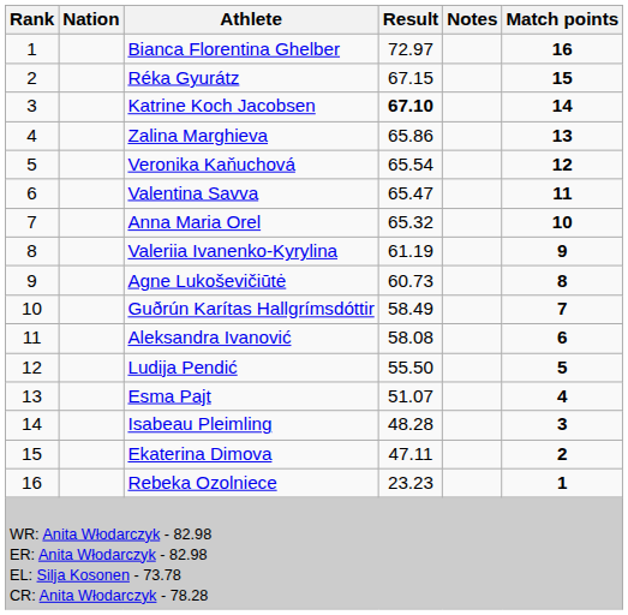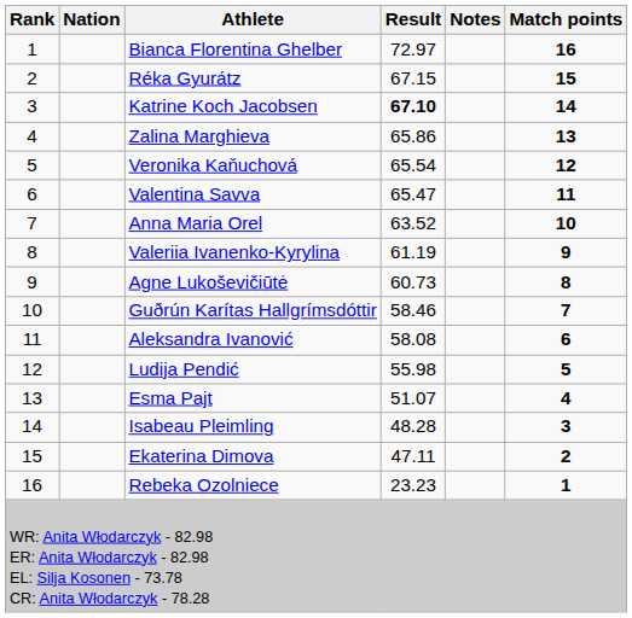 <table class="wikitable sortable" style="text-align:left;">
 <tr>
 <th>Rank</th>
 <th>Nation</th>
 <th>Athlete</th>
 <th>Result</th>
 <th>Notes</th>
 <th>Match points</th>
 </tr>
 <tr>
 <td align=center>1</td>
 <td></td>
 <td><a href='#'>Bianca Florentina Ghelber</a></td>
 <td align=center>72.97</td>
 <td></td>
 <td align=center><strong>16</strong></td>
 </tr>
 <tr>
 <td align=center>2</td>
 <td></td>
 <td><a href='#'>Réka Gyurátz</a></td>
 <td align=center>67.15</td>
 <td></td>
 <td align=center><strong>15</strong></td>
 </tr>
 <tr>
 <td align=center>3</td>
 <td></td>
 <td><a href='#'>Katrine Koch Jacobsen</a></td>
 <td align=center><strong>67.10</strong></td>
 <td></td>
 <td align=center><strong>14</strong></td>
 </tr>
 <tr>
 <td align=center>4</td>
 <td></td>
 <td><a href='#'>Zalina Marghieva</a></td>
 <td align=center>65.86</td>
 <td></td>
 <td align=center><strong>13</strong></td>
 </tr>
 <tr>
 <td align=center>5</td>
 <td></td>
 <td><a href='#'>Veronika Kaňuchová</a></td>
 <td align=center>65.54</td>
 <td></td>
 <td align=center><strong>12</strong></td>
 </tr>
 <tr>
 <td align=center>6</td>
 <td></td>
 <td><a href='#'>Valentina Savva</a></td>
 <td align=center>65.47</td>
 <td align=center></td>
 <td align=center><strong>11</strong></td>
 </tr>
 <tr>
 <td align=center>7</td>
 <td></td>
 <td><a href='#'>Anna Maria Orel</a></td>
-<td align=center>65.32</td>
+<td align=center>63.52</td>
 <td></td>
 <td align=center><strong>10</strong></td>
 </tr>
 <tr>
 <td align=center>8</td>
 <td></td>
 <td><a href='#'>Valeriia Ivanenko-Kyrylina</a></td>
 <td align=center>61.19</td>
 <td></td>
 <td align=center><strong>9</strong></td>
 </tr>
 <tr>
 <td align=center>9</td>
 <td></td>
 <td><a href='#'>Agne Lukoševičiūtė</a></td>
 <td align=center>60.73</td>
 <td></td>
 <td align=center><strong>8</strong></td>
 </tr>
 <tr>
 <td align=center>10</td>
 <td></td>
 <td><a href='#'>Guðrún Karítas Hallgrímsdóttir</a></td>
-<td align=center>58.49</td>
+<td align=center>58.46</td>
 <td></td>
 <td align=center><strong>7</strong></td>
 </tr>
 <tr>
 <td align=center>11</td>
 <td></td>
 <td><a href='#'>Aleksandra Ivanović</a></td>
 <td align=center>58.08</td>
 <td></td>
 <td align=center><strong>6</strong></td>
 </tr>
 <tr>
 <td align=center>12</td>
 <td></td>
 <td><a href='#'>Ludija Pendić</a></td>
-<td align=center>55.50</td>
+<td align=center>55.98</td>
 <td></td>
 <td align=center><strong>5</strong></td>
 </tr>
 <tr>
 <td align=center>13</td>
 <td></td>
 <td><a href='#'>Esma Pajt</a></td>
 <td align=center>51.07</td>
 <td></td>
 <td align=center><strong>4</strong></td>
 </tr>
 <tr>
 <td align=center>14</td>
 <td></td>
 <td><a href='#'>Isabeau Pleimling</a></td>
 <td align=center>48.28</td>
 <td></td>
 <td align=center><strong>3</strong></td>
 </tr>
 <tr>
 <td align=center>15</td>
 <td></td>
 <td><a href='#'>Ekaterina Dimova</a></td>
 <td align=center>47.11</td>
 <td align=center></td>
 <td align=center><strong>2</strong></td>
 </tr>
 <tr>
 <td align=center>16</td>
 <td></td>
 <td><a href='#'>Rebeka Ozolniece</a></td>
 <td align=center>23.23</td>
 <td align=center></td>
 <td align=center><strong>1</strong></td>
 </tr>
 <tr>
 <td colspan="6" bgcolor="#cccccc"><br> <small>WR:  <a href='#'>Anita Włodarczyk</a> - 82.98<br>ER:  <a href='#'>Anita Włodarczyk</a> - 82.98<br></small> <small>EL:  <a href='#'>Silja Kosonen</a> - 73.78<br>CR:  <a href='#'>Anita Włodarczyk</a> - 78.28</small></td>
 </tr>
 </table>
